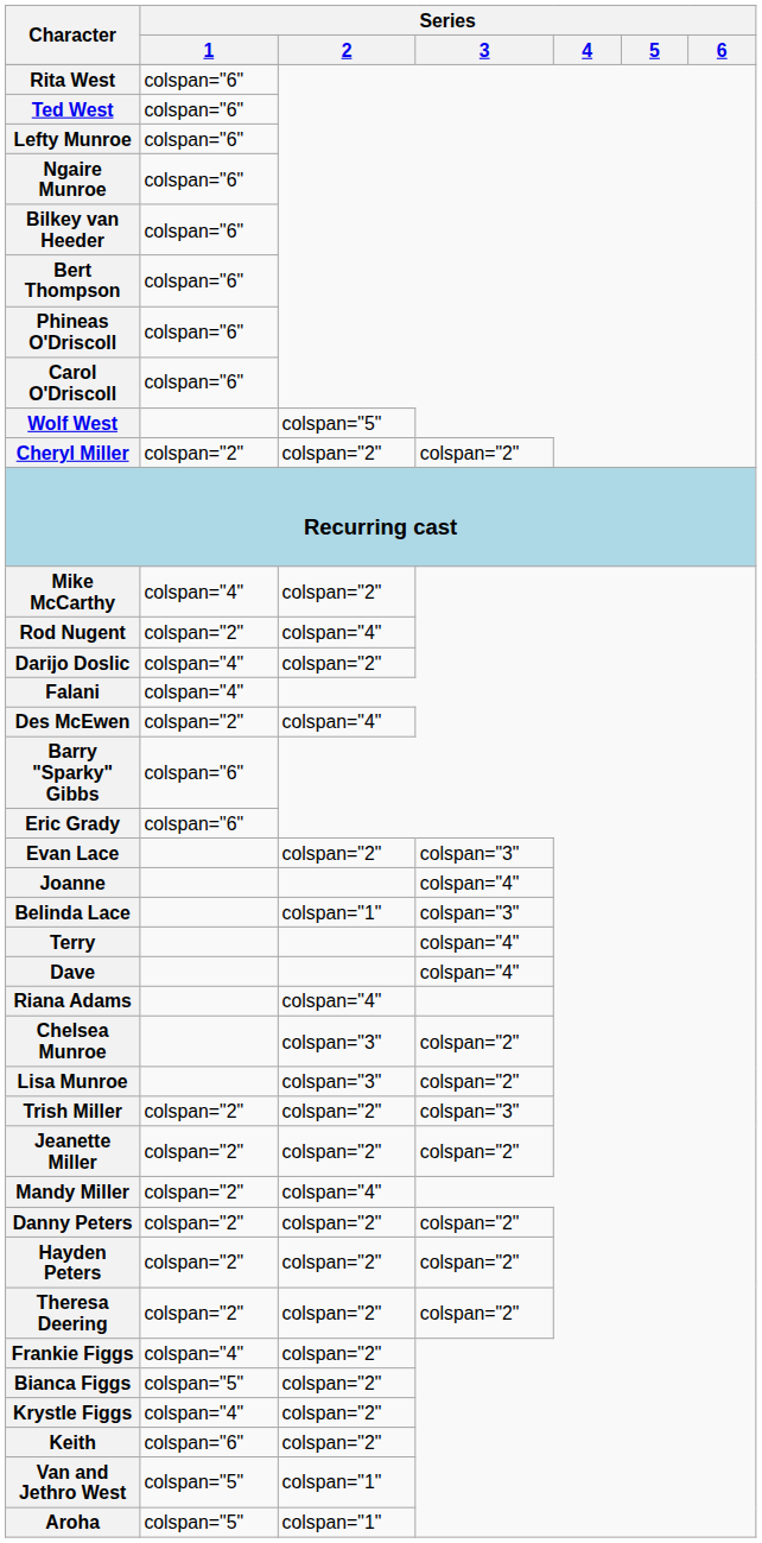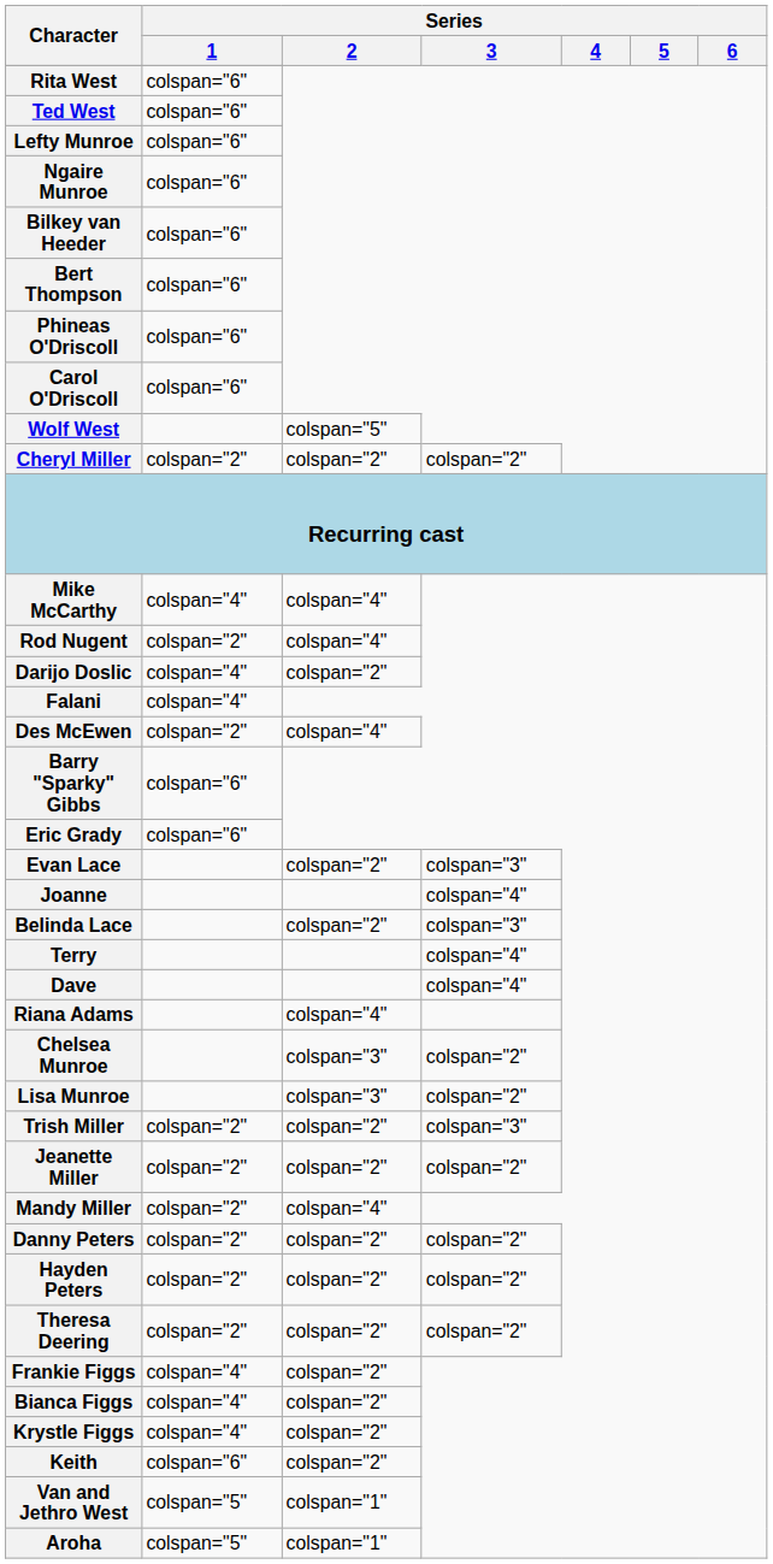 <table class="wikitable" style="font-size: 95%;">
 <tr>
 <th rowspan="2" style="width:5%;">Character</th>
 <th colspan="6" style="text-align:center;">Series</th>
 </tr>
 <tr>
 <th style="width:5%;"><a href='#'>1</a></th>
 <th style="width:5%;"><a href='#'>2</a></th>
 <th style="width:5%;"><a href='#'>3</a></th>
 <th style="width:5%;"><a href='#'>4</a></th>
 <th style="width:5%;"><a href='#'>5</a></th>
 <th style="width:5%;"><a href='#'>6</a></th>
 </tr>
 <tr>
 </tr>
 <tr>
 <th>Rita West</th>
 <td>colspan="6" </td>
 </tr>
 <tr>
 <th><a href='#'>Ted West</a></th>
 <td>colspan="6" </td>
 </tr>
 <tr>
 <th>Lefty Munroe</th>
 <td>colspan="6" </td>
 </tr>
 <tr>
 <th>Ngaire Munroe</th>
 <td>colspan="6" </td>
 </tr>
 <tr>
 <th>Bilkey van Heeder</th>
 <td>colspan="6" </td>
 </tr>
 <tr>
 <th>Bert Thompson</th>
 <td>colspan="6" </td>
 </tr>
 <tr>
 <th>Phineas O'Driscoll</th>
 <td>colspan="6" </td>
 </tr>
 <tr>
 <th>Carol O'Driscoll</th>
 <td>colspan="6" </td>
 </tr>
 <tr>
 <th><a href='#'>Wolf West</a></th>
 <td></td>
 <td>colspan="5" </td>
 </tr>
 <tr>
 <th><a href='#'>Cheryl Miller</a></th>
 <td>colspan="2" </td>
 <td>colspan="2" </td>
 <td>colspan="2" </td>
 </tr>
 <tr>
 <th colspan="7" style="background:lightblue;"><br><h3>Recurring cast</h3></th>
 </tr>
 <tr>
 <th>Mike McCarthy</th>
 <td>colspan="4" </td>
-<td>colspan="2" </td>
+<td>colspan="4" </td>
 </tr>
 <tr>
 <th>Rod Nugent</th>
 <td>colspan="2" </td>
 <td>colspan="4" </td>
 </tr>
 <tr>
 <th>Darijo Doslic</th>
 <td>colspan="4" </td>
 <td>colspan="2" </td>
 </tr>
 <tr>
 <th>Falani</th>
 <td>colspan="4" </td>
 </tr>
 <tr>
 <th>Des McEwen</th>
 <td>colspan="2" </td>
 <td>colspan="4" </td>
 </tr>
 <tr>
 <th>Barry "Sparky" Gibbs</th>
 <td>colspan="6" </td>
 </tr>
 <tr>
 <th>Eric Grady</th>
 <td>colspan="6" </td>
 </tr>
 <tr>
 <th>Evan Lace</th>
 <td></td>
 <td>colspan="2" </td>
 <td>colspan="3" </td>
 </tr>
 <tr>
 <th>Joanne</th>
 <td></td>
 <td></td>
 <td>colspan="4" </td>
 </tr>
 <tr>
 <th>Belinda Lace</th>
 <td></td>
-<td>colspan="1" </td>
+<td>colspan="2" </td>
 <td>colspan="3" </td>
 </tr>
 <tr>
 <th>Terry</th>
 <td></td>
 <td></td>
 <td>colspan="4" </td>
 </tr>
 <tr>
 <th>Dave</th>
 <td></td>
 <td></td>
 <td>colspan="4" </td>
 </tr>
 <tr>
 <th>Riana Adams</th>
 <td></td>
 <td>colspan="4" </td>
 <td></td>
 </tr>
 <tr>
 <th>Chelsea Munroe</th>
 <td></td>
 <td>colspan="3" </td>
 <td>colspan="2" </td>
 </tr>
 <tr>
 <th>Lisa Munroe</th>
 <td></td>
 <td>colspan="3" </td>
 <td>colspan="2" </td>
 </tr>
 <tr>
 <th>Trish Miller</th>
 <td>colspan="2" </td>
 <td>colspan="2" </td>
 <td>colspan="3" </td>
 </tr>
 <tr>
 <th>Jeanette Miller</th>
 <td>colspan="2" </td>
 <td>colspan="2" </td>
 <td>colspan="2" </td>
 </tr>
 <tr>
 <th>Mandy Miller</th>
 <td>colspan="2" </td>
 <td>colspan="4" </td>
 </tr>
 <tr>
 <th>Danny Peters</th>
 <td>colspan="2" </td>
 <td>colspan="2" </td>
 <td>colspan="2" </td>
 </tr>
 <tr>
 <th>Hayden Peters</th>
 <td>colspan="2" </td>
 <td>colspan="2" </td>
 <td>colspan="2" </td>
 </tr>
 <tr>
 <th>Theresa Deering</th>
 <td>colspan="2" </td>
 <td>colspan="2" </td>
 <td>colspan="2" </td>
 </tr>
 <tr>
 <th>Frankie Figgs</th>
 <td>colspan="4" </td>
 <td>colspan="2" </td>
 </tr>
 <tr>
 <th>Bianca Figgs</th>
-<td>colspan="5" </td>
+<td>colspan="4" </td>
 <td>colspan="2" </td>
 </tr>
 <tr>
 <th>Krystle Figgs</th>
 <td>colspan="4" </td>
 <td>colspan="2" </td>
 </tr>
 <tr>
 <th>Keith</th>
 <td>colspan="6" </td>
 <td>colspan="2" </td>
 </tr>
 <tr>
 <th>Van and Jethro West</th>
 <td>colspan="5" </td>
 <td>colspan="1" </td>
 </tr>
 <tr>
 <th>Aroha</th>
 <td>colspan="5" </td>
 <td>colspan="1" </td>
 </tr>
 </table>
